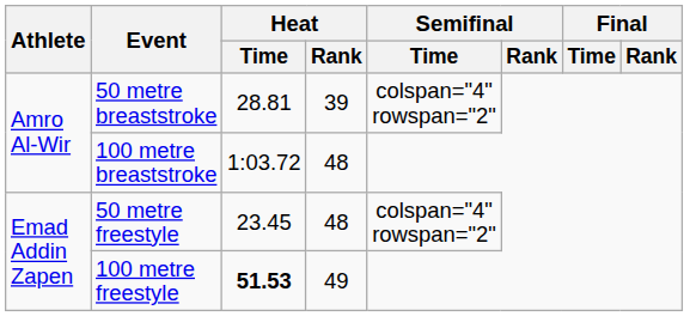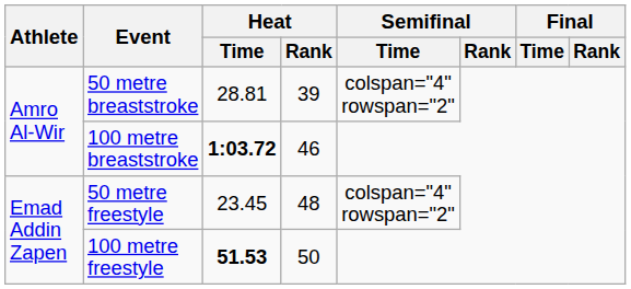 <table class="wikitable" style="text-align:center; font-size:90%; width:50%;">
 <tr>
 <th rowspan="2">Athlete</th>
 <th rowspan="2">Event</th>
 <th colspan="2">Heat</th>
 <th colspan="2">Semifinal</th>
 <th colspan="2">Final</th>
 </tr>
 <tr style="font-size:95%">
 <th>Time</th>
 <th>Rank</th>
 <th>Time</th>
 <th>Rank</th>
 <th>Time</th>
 <th>Rank</th>
 </tr>
 <tr align=center>
 <td align=left rowspan="2"><a href='#'>Amro Al-Wir</a></td>
 <td align=left><a href='#'>50 metre breaststroke</a></td>
 <td>28.81</td>
 <td>39</td>
 <td>colspan="4" rowspan="2"</td>
 </tr>
 <tr align=center>
 <td align=left><a href='#'>100 metre breaststroke</a></td>
-<td>1:03.72</td>
-<td>48</td>
+<td><strong>1:03.72</strong></td>
+<td>46</td>
 </tr>
 <tr align=center>
 <td align=left rowspan="2"><a href='#'>Emad Addin Zapen</a></td>
 <td align=left><a href='#'>50 metre freestyle</a></td>
 <td>23.45</td>
 <td>48</td>
 <td>colspan="4" rowspan="2"</td>
 </tr>
 <tr align=center>
 <td align=left><a href='#'>100 metre freestyle</a></td>
 <td><strong>51.53</strong></td>
-<td>49</td>
+<td>50</td>
 </tr>
 </table>
